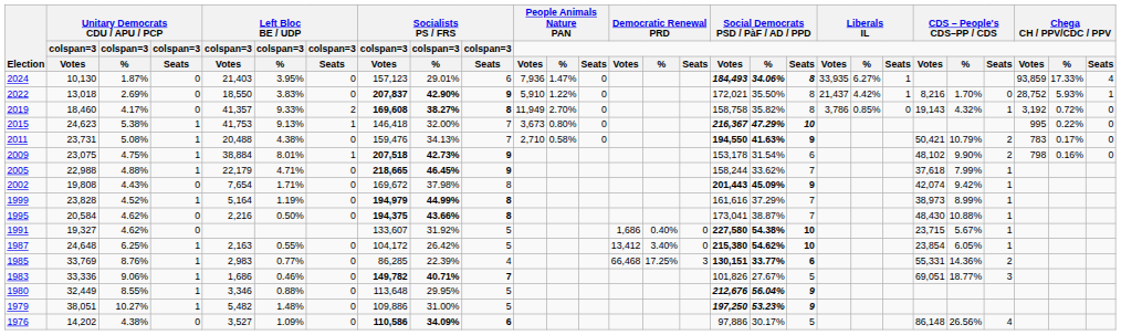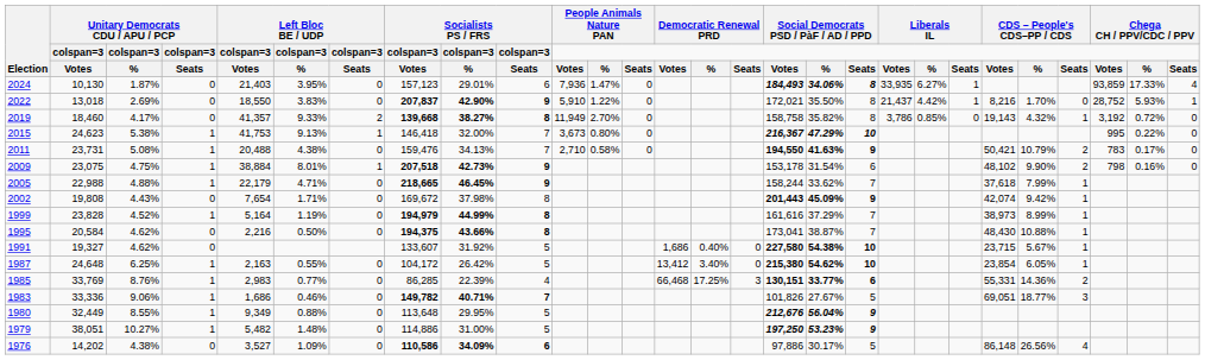 <table class="wikitable" border="1" style="font-size:85%; text-align:right;">
 <tr>
 <th style="text-align:left;" valign=bottom rowspan=3>Election</th>
 <th valign=bottom colspan=3><a href='#'>Unitary Democrats</a><br>CDU / APU / PCP</th>
 <th valign=bottom colspan=3><a href='#'>Left Bloc</a><br>BE / UDP</th>
 <th valign=bottom colspan=3><a href='#'>Socialists</a><br>PS / FRS</th>
 <th valign=bottom colspan=3><a href='#'>People Animals Nature</a><br>PAN</th>
 <th valign=bottom colspan=3><a href='#'>Democratic Renewal</a><br>PRD</th>
 <th valign=bottom colspan=3><a href='#'>Social Democrats</a><br>PSD / PàF / AD / PPD</th>
 <th valign=bottom colspan=3><a href='#'>Liberals</a><br>IL</th>
 <th valign=bottom colspan=3><a href='#'>CDS – People's</a><br>CDS–PP / CDS</th>
 <th valign=bottom colspan=3><a href='#'>Chega</a><br>CH / PPV/CDC / PPV</th>
 </tr>
 <tr>
 <th>colspan=3 </th>
 <th>colspan=3 </th>
 <th>colspan=3 </th>
 <th>colspan=3 </th>
 <th>colspan=3 </th>
 <th>colspan=3 </th>
 <th>colspan=3 </th>
 <th>colspan=3 </th>
 <th>colspan=3 </th>
 </tr>
 <tr>
 <th>Votes</th>
 <th>%</th>
 <th>Seats</th>
 <th>Votes</th>
 <th>%</th>
 <th>Seats</th>
 <th>Votes</th>
 <th>%</th>
 <th>Seats</th>
 <th>Votes</th>
 <th>%</th>
 <th>Seats</th>
 <th>Votes</th>
 <th>%</th>
 <th>Seats</th>
 <th>Votes</th>
 <th>%</th>
 <th>Seats</th>
 <th>Votes</th>
 <th>%</th>
 <th>Seats</th>
 <th>Votes</th>
 <th>%</th>
 <th>Seats</th>
 <th>Votes</th>
 <th>%</th>
 <th>Seats</th>
 </tr>
 <tr>
 <td align=left><a href='#'>2024</a></td>
 <td>10,130</td>
 <td>1.87%</td>
 <td>0</td>
 <td>21,403</td>
 <td>3.95%</td>
 <td>0</td>
 <td>157,123</td>
 <td>29.01%</td>
 <td>6</td>
 <td>7,936</td>
 <td>1.47%</td>
 <td>0</td>
 <td></td>
 <td></td>
 <td></td>
 <td><strong><em>184,493</em></strong></td>
 <td><strong><em>34.06%</em></strong></td>
 <td><strong><em>8</em></strong></td>
 <td>33,935</td>
 <td>6.27%</td>
 <td>1</td>
 <td></td>
 <td></td>
 <td></td>
 <td>93,859</td>
 <td>17.33%</td>
 <td>4</td>
 </tr>
 <tr>
 <td align=left><a href='#'>2022</a></td>
 <td>13,018</td>
 <td>2.69%</td>
 <td>0</td>
 <td>18,550</td>
 <td>3.83%</td>
 <td>0</td>
 <td><strong>207,837</strong></td>
 <td><strong>42.90%</strong></td>
 <td><strong>9</strong></td>
 <td>5,910</td>
 <td>1.22%</td>
 <td>0</td>
 <td></td>
 <td></td>
 <td></td>
 <td>172,021</td>
 <td>35.50%</td>
 <td>8</td>
 <td>21,437</td>
 <td>4.42%</td>
 <td>1</td>
 <td>8,216</td>
 <td>1.70%</td>
 <td>0</td>
 <td>28,752</td>
 <td>5.93%</td>
 <td>1</td>
 </tr>
 <tr>
 <td align=left><a href='#'>2019</a></td>
 <td>18,460</td>
 <td>4.17%</td>
 <td>0</td>
 <td>41,357</td>
 <td>9.33%</td>
 <td>2</td>
-<td><strong>169,608</strong></td>
+<td><strong>139,668</strong></td>
 <td><strong>38.27%</strong></td>
 <td><strong>8</strong></td>
 <td>11,949</td>
 <td>2.70%</td>
 <td>0</td>
 <td></td>
 <td></td>
 <td></td>
 <td>158,758</td>
 <td>35.82%</td>
 <td>8</td>
 <td>3,786</td>
 <td>0.85%</td>
 <td>0</td>
 <td>19,143</td>
 <td>4.32%</td>
 <td>1</td>
 <td>3,192</td>
 <td>0.72%</td>
 <td>0</td>
 </tr>
 <tr>
 <td align=left><a href='#'>2015</a></td>
 <td>24,623</td>
 <td>5.38%</td>
 <td>1</td>
 <td>41,753</td>
 <td>9.13%</td>
 <td>1</td>
 <td>146,418</td>
 <td>32.00%</td>
 <td>7</td>
 <td>3,673</td>
 <td>0.80%</td>
 <td>0</td>
 <td></td>
 <td></td>
 <td></td>
 <td><strong><em>216,367</em></strong></td>
 <td><strong><em>47.29%</em></strong></td>
 <td><strong><em>10</em></strong></td>
 <td></td>
 <td></td>
 <td></td>
 <td></td>
 <td></td>
 <td></td>
 <td>995</td>
 <td>0.22%</td>
 <td>0</td>
 </tr>
 <tr>
 <td align=left><a href='#'>2011</a></td>
 <td>23,731</td>
 <td>5.08%</td>
 <td>1</td>
 <td>20,488</td>
 <td>4.38%</td>
 <td>0</td>
 <td>159,476</td>
 <td>34.13%</td>
 <td>7</td>
 <td>2,710</td>
 <td>0.58%</td>
 <td>0</td>
 <td></td>
 <td></td>
 <td></td>
 <td><strong>194,550</strong></td>
 <td><strong>41.63%</strong></td>
 <td><strong>9</strong></td>
 <td></td>
 <td></td>
 <td></td>
 <td>50,421</td>
 <td>10.79%</td>
 <td>2</td>
 <td>783</td>
 <td>0.17%</td>
 <td>0</td>
 </tr>
 <tr>
 <td align=left><a href='#'>2009</a></td>
 <td>23,075</td>
 <td>4.75%</td>
 <td>1</td>
 <td>38,884</td>
 <td>8.01%</td>
 <td>1</td>
 <td><strong>207,518</strong></td>
 <td><strong>42.73%</strong></td>
 <td><strong>9</strong></td>
 <td></td>
 <td></td>
 <td></td>
 <td></td>
 <td></td>
 <td></td>
 <td>153,178</td>
 <td>31.54%</td>
 <td>6</td>
 <td></td>
 <td></td>
 <td></td>
 <td>48,102</td>
 <td>9.90%</td>
 <td>2</td>
 <td>798</td>
 <td>0.16%</td>
 <td>0</td>
 </tr>
 <tr>
 <td align=left><a href='#'>2005</a></td>
 <td>22,988</td>
 <td>4.88%</td>
 <td>1</td>
 <td>22,179</td>
 <td>4.71%</td>
 <td>0</td>
 <td><strong>218,665</strong></td>
 <td><strong>46.45%</strong></td>
 <td><strong>9</strong></td>
 <td></td>
 <td></td>
 <td></td>
 <td></td>
 <td></td>
 <td></td>
 <td>158,244</td>
 <td>33.62%</td>
 <td>7</td>
 <td></td>
 <td></td>
 <td></td>
 <td>37,618</td>
 <td>7.99%</td>
 <td>1</td>
 <td></td>
 <td></td>
 <td></td>
 </tr>
 <tr>
 <td align=left><a href='#'>2002</a></td>
 <td>19,808</td>
 <td>4.43%</td>
 <td>0</td>
 <td>7,654</td>
 <td>1.71%</td>
 <td>0</td>
 <td>169,672</td>
 <td>37.98%</td>
 <td>8</td>
 <td></td>
 <td></td>
 <td></td>
 <td></td>
 <td></td>
 <td></td>
 <td><strong>201,443</strong></td>
 <td><strong>45.09%</strong></td>
 <td><strong>9</strong></td>
 <td></td>
 <td></td>
 <td></td>
 <td>42,074</td>
 <td>9.42%</td>
 <td>1</td>
 <td></td>
 <td></td>
 <td></td>
 </tr>
 <tr>
 <td align=left><a href='#'>1999</a></td>
 <td>23,828</td>
 <td>4.52%</td>
 <td>1</td>
 <td>5,164</td>
 <td>1.19%</td>
 <td>0</td>
 <td><strong>194,979</strong></td>
 <td><strong>44.99%</strong></td>
 <td><strong>8</strong></td>
 <td></td>
 <td></td>
 <td></td>
 <td></td>
 <td></td>
 <td></td>
 <td>161,616</td>
 <td>37.29%</td>
 <td>7</td>
 <td></td>
 <td></td>
 <td></td>
 <td>38,973</td>
 <td>8.99%</td>
 <td>1</td>
 <td></td>
 <td></td>
 <td></td>
 </tr>
 <tr>
 <td align=left><a href='#'>1995</a></td>
 <td>20,584</td>
 <td>4.62%</td>
 <td>0</td>
 <td>2,216</td>
 <td>0.50%</td>
 <td>0</td>
 <td><strong>194,375</strong></td>
 <td><strong>43.66%</strong></td>
 <td><strong>8</strong></td>
 <td></td>
 <td></td>
 <td></td>
 <td></td>
 <td></td>
 <td></td>
 <td>173,041</td>
 <td>38.87%</td>
 <td>7</td>
 <td></td>
 <td></td>
 <td></td>
 <td>48,430</td>
 <td>10.88%</td>
 <td>1</td>
 <td></td>
 <td></td>
 <td></td>
 </tr>
 <tr>
 <td align=left><a href='#'>1991</a></td>
 <td>19,327</td>
 <td>4.62%</td>
 <td>0</td>
 <td></td>
 <td></td>
 <td></td>
 <td>133,607</td>
 <td>31.92%</td>
 <td>5</td>
 <td></td>
 <td></td>
 <td></td>
 <td>1,686</td>
 <td>0.40%</td>
 <td>0</td>
 <td><strong>227,580</strong></td>
 <td><strong>54.38%</strong></td>
 <td><strong>10</strong></td>
 <td></td>
 <td></td>
 <td></td>
 <td>23,715</td>
 <td>5.67%</td>
 <td>1</td>
 <td></td>
 <td></td>
 <td></td>
 </tr>
 <tr>
 <td align=left><a href='#'>1987</a></td>
 <td>24,648</td>
 <td>6.25%</td>
 <td>1</td>
 <td>2,163</td>
 <td>0.55%</td>
 <td>0</td>
 <td>104,172</td>
 <td>26.42%</td>
 <td>5</td>
 <td></td>
 <td></td>
 <td></td>
 <td>13,412</td>
 <td>3.40%</td>
 <td>0</td>
 <td><strong>215,380</strong></td>
 <td><strong>54.62%</strong></td>
 <td><strong>10</strong></td>
 <td></td>
 <td></td>
 <td></td>
 <td>23,854</td>
 <td>6.05%</td>
 <td>1</td>
 <td></td>
 <td></td>
 <td></td>
 </tr>
 <tr>
 <td align=left><a href='#'>1985</a></td>
 <td>33,769</td>
 <td>8.76%</td>
 <td>1</td>
 <td>2,983</td>
 <td>0.77%</td>
 <td>0</td>
 <td>86,285</td>
 <td>22.39%</td>
 <td>4</td>
 <td></td>
 <td></td>
 <td></td>
 <td>66,468</td>
 <td>17.25%</td>
 <td>3</td>
 <td><strong>130,151</strong></td>
 <td><strong>33.77%</strong></td>
 <td><strong>6</strong></td>
 <td></td>
 <td></td>
 <td></td>
 <td>55,331</td>
 <td>14.36%</td>
 <td>2</td>
 <td></td>
 <td></td>
 <td></td>
 </tr>
 <tr>
 <td align=left><a href='#'>1983</a></td>
 <td>33,336</td>
 <td>9.06%</td>
 <td>1</td>
 <td>1,686</td>
 <td>0.46%</td>
 <td>0</td>
 <td><strong>149,782</strong></td>
 <td><strong>40.71%</strong></td>
 <td><strong>7</strong></td>
 <td></td>
 <td></td>
 <td></td>
 <td></td>
 <td></td>
 <td></td>
 <td>101,826</td>
 <td>27.67%</td>
 <td>5</td>
 <td></td>
 <td></td>
 <td></td>
 <td>69,051</td>
 <td>18.77%</td>
 <td>3</td>
 <td></td>
 <td></td>
 <td></td>
 </tr>
 <tr>
 <td align=left><a href='#'>1980</a></td>
 <td>32,449</td>
 <td>8.55%</td>
 <td>1</td>
-<td>3,346</td>
+<td>9,349</td>
 <td>0.88%</td>
 <td>0</td>
 <td>113,648</td>
 <td>29.95%</td>
 <td>5</td>
 <td></td>
 <td></td>
 <td></td>
 <td></td>
 <td></td>
 <td></td>
 <td><strong><em>212,676</em></strong></td>
 <td><strong><em>56.04%</em></strong></td>
 <td><strong><em>9</em></strong></td>
 <td></td>
 <td></td>
 <td></td>
 <td></td>
 <td></td>
 <td></td>
 <td></td>
 <td></td>
 <td></td>
 </tr>
 <tr>
 <td align=left><a href='#'>1979</a></td>
 <td>38,051</td>
 <td>10.27%</td>
 <td>1</td>
 <td>5,482</td>
 <td>1.48%</td>
 <td>0</td>
-<td>109,886</td>
+<td>114,886</td>
 <td>31.00%</td>
 <td>5</td>
 <td></td>
 <td></td>
 <td></td>
 <td></td>
 <td></td>
 <td></td>
 <td><strong><em>197,250</em></strong></td>
 <td><strong><em>53.23%</em></strong></td>
 <td><strong><em>9</em></strong></td>
 <td></td>
 <td></td>
 <td></td>
 <td></td>
 <td></td>
 <td></td>
 <td></td>
 <td></td>
 <td></td>
 </tr>
 <tr>
 <td align=left><a href='#'>1976</a></td>
 <td>14,202</td>
 <td>4.38%</td>
 <td>0</td>
 <td>3,527</td>
 <td>1.09%</td>
 <td>0</td>
 <td><strong>110,586</strong></td>
 <td><strong>34.09%</strong></td>
 <td><strong>6</strong></td>
 <td></td>
 <td></td>
 <td></td>
 <td></td>
 <td></td>
 <td></td>
 <td>97,886</td>
 <td>30.17%</td>
 <td>5</td>
 <td></td>
 <td></td>
 <td></td>
 <td>86,148</td>
 <td>26.56%</td>
 <td>4</td>
 <td></td>
 <td></td>
 <td></td>
 </tr>
 </table>
